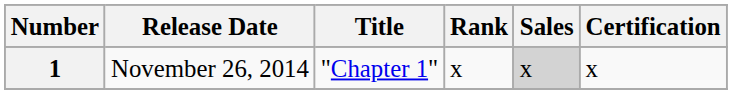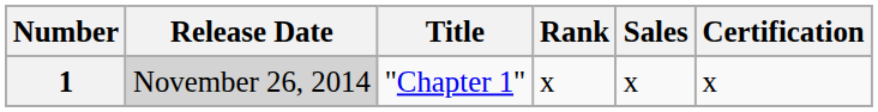 <table class="wikitable" style="font-size:small">
 <tr>
 <th>Number</th>
 <th>Release Date</th>
 <th>Title</th>
 <th>Rank</th>
 <th>Sales</th>
 <th>Certification</th>
 </tr>
 <tr>
 <th>1</th>
-<td>November 26, 2014</td>
+<td style="background: lightgrey;">November 26, 2014</td>
 <td>"<a href='#'>Chapter 1</a>"</td>
 <td>x</td>
-<td style="background: lightgrey;">x</td>
+<td>x</td>
 <td>x</td>
 </tr>
 <tr>
 </tr>
 </table>
